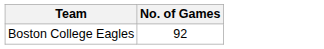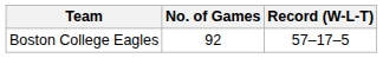 <table class="wikitable"  style="margin:auto; margin-left:15px; text-align:center; background:#fff;">
 <tr>
 <th style="text-align:center; ">Team</th>
 <th style="text-align:center; ">No. of Games</th>
+<th style="text-align:center; ">Record (W-L-T)</th>
 </tr>
 <tr>
 <td>Boston College Eagles</td>
 <td>92</td>
+<td>57–17–5</td>
 </tr>
 </table>
